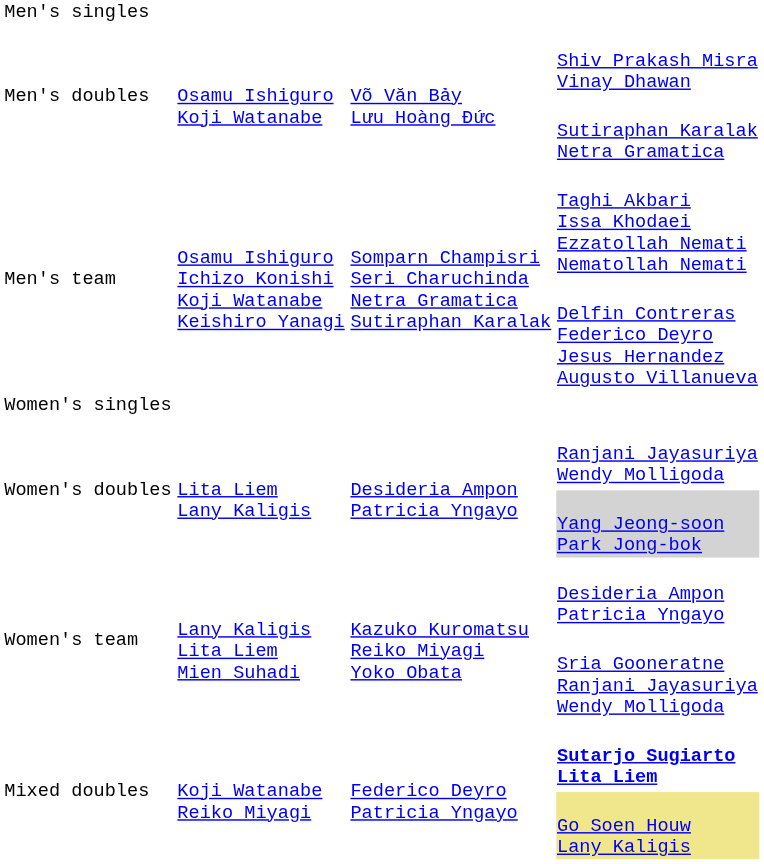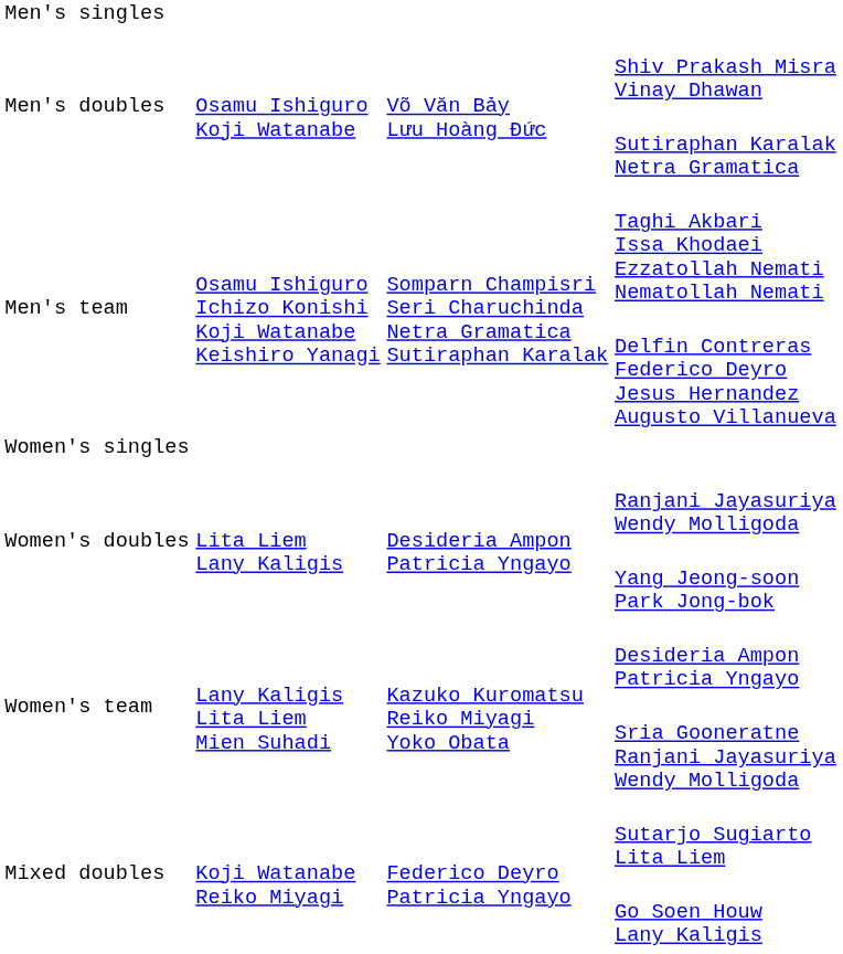 <table>
 <tr>
 <td rowspan=2>Men's singles</td>
 <td rowspan=2></td>
 <td rowspan=2></td>
 <td></td>
 </tr>
 <tr>
 <td></td>
 </tr>
 <tr>
 <td rowspan=2>Men's doubles</td>
 <td rowspan=2><br><a href='#'>Osamu Ishiguro</a><br><a href='#'>Koji Watanabe</a></td>
 <td rowspan=2><br><a href='#'>Võ Văn Bảy</a><br><a href='#'>Lưu Hoàng Đức</a></td>
 <td><br><a href='#'>Shiv Prakash Misra</a><br><a href='#'>Vinay Dhawan</a></td>
 </tr>
 <tr>
 <td><br><a href='#'>Sutiraphan Karalak</a><br><a href='#'>Netra Gramatica</a></td>
 </tr>
 <tr>
 <td rowspan=2>Men's team</td>
 <td rowspan=2><br><a href='#'>Osamu Ishiguro</a><br><a href='#'>Ichizo Konishi</a><br><a href='#'>Koji Watanabe</a><br><a href='#'>Keishiro Yanagi</a></td>
 <td rowspan=2><br><a href='#'>Somparn Champisri</a><br><a href='#'>Seri Charuchinda</a><br><a href='#'>Netra Gramatica</a><br><a href='#'>Sutiraphan Karalak</a></td>
 <td><br><a href='#'>Taghi Akbari</a><br><a href='#'>Issa Khodaei</a><br><a href='#'>Ezzatollah Nemati</a><br><a href='#'>Nematollah Nemati</a></td>
 </tr>
 <tr>
 <td><br><a href='#'>Delfin Contreras</a><br><a href='#'>Federico Deyro</a><br><a href='#'>Jesus Hernandez</a><br><a href='#'>Augusto Villanueva</a></td>
 </tr>
 <tr>
 <td rowspan=2>Women's singles</td>
 <td rowspan=2></td>
 <td rowspan=2></td>
 <td></td>
 </tr>
 <tr>
 <td></td>
 </tr>
 <tr>
 <td rowspan=2>Women's doubles</td>
 <td rowspan=2><br><a href='#'>Lita Liem</a><br><a href='#'>Lany Kaligis</a></td>
 <td rowspan=2><br><a href='#'>Desideria Ampon</a><br><a href='#'>Patricia Yngayo</a></td>
 <td><br><a href='#'>Ranjani Jayasuriya</a><br><a href='#'>Wendy Molligoda</a></td>
 </tr>
 <tr>
-<td style="background: lightgrey;"><br><a href='#'>Yang Jeong-soon</a><br><a href='#'>Park Jong-bok</a></td>
+<td><br><a href='#'>Yang Jeong-soon</a><br><a href='#'>Park Jong-bok</a></td>
 </tr>
 <tr>
 <td rowspan=2>Women's team</td>
 <td rowspan=2><br><a href='#'>Lany Kaligis</a><br><a href='#'>Lita Liem</a><br><a href='#'>Mien Suhadi</a></td>
 <td rowspan=2><br><a href='#'>Kazuko Kuromatsu</a><br><a href='#'>Reiko Miyagi</a><br><a href='#'>Yoko Obata</a></td>
 <td><br><a href='#'>Desideria Ampon</a><br><a href='#'>Patricia Yngayo</a></td>
 </tr>
 <tr>
 <td><br><a href='#'>Sria Gooneratne</a><br><a href='#'>Ranjani Jayasuriya</a><br><a href='#'>Wendy Molligoda</a></td>
 </tr>
 <tr>
 <td rowspan=2>Mixed doubles</td>
 <td rowspan=2><br><a href='#'>Koji Watanabe</a><br><a href='#'>Reiko Miyagi</a></td>
 <td rowspan=2><br><a href='#'>Federico Deyro</a><br><a href='#'>Patricia Yngayo</a></td>
-<td><strong><br><a href='#'>Sutarjo Sugiarto</a><br><a href='#'>Lita Liem</a></strong></td>
+<td><br><a href='#'>Sutarjo Sugiarto</a><br><a href='#'>Lita Liem</a></td>
 </tr>
 <tr>
-<td style="background: khaki;"><br><a href='#'>Go Soen Houw</a><br><a href='#'>Lany Kaligis</a></td>
+<td><br><a href='#'>Go Soen Houw</a><br><a href='#'>Lany Kaligis</a></td>
 </tr>
 </table>
